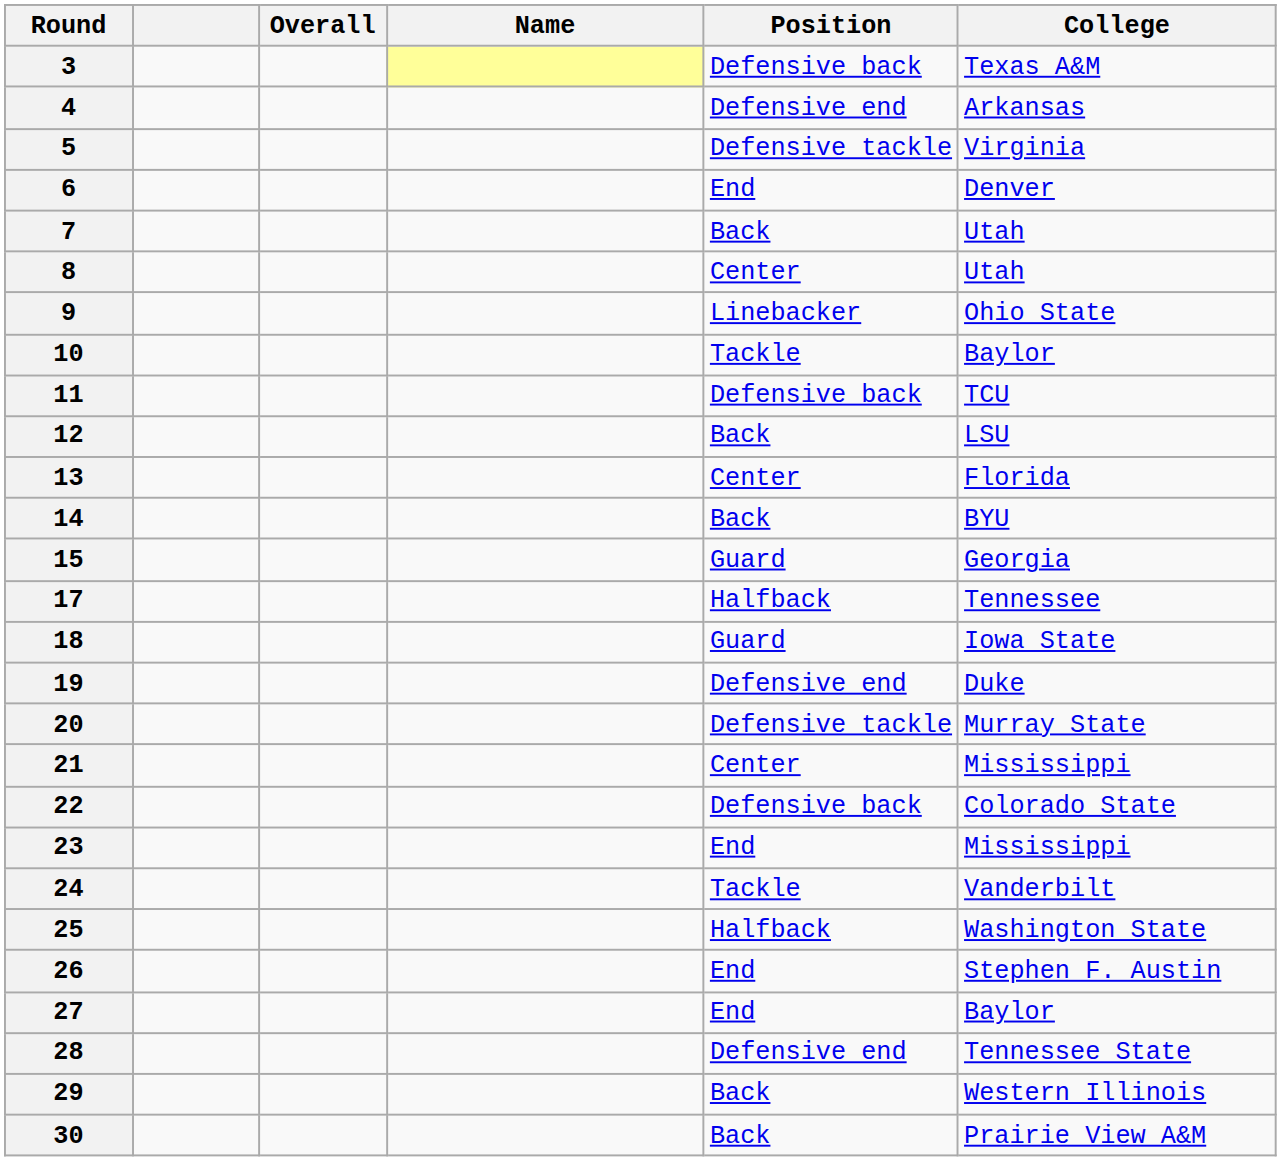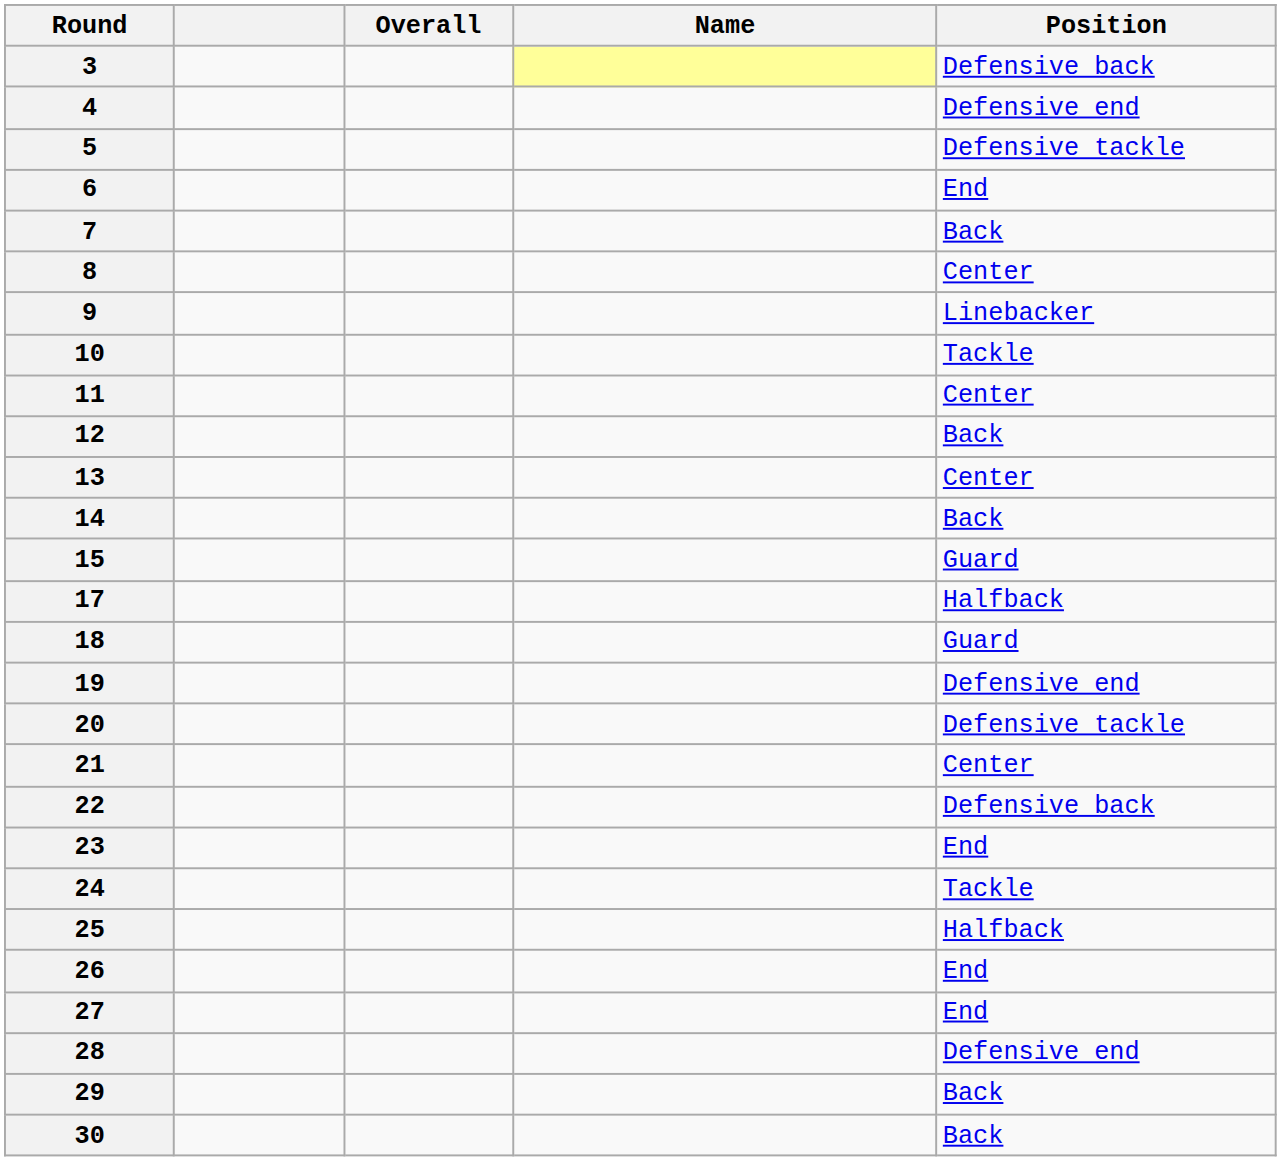 <table class="wikitable sortable">
 <tr>
 <th scope="col" style="width: 10%;">Round</th>
 <th scope="col" style="width: 10%;"></th>
 <th scope="col" style="width: 10%;">Overall</th>
 <th scope="col" style="width: 25%;">Name</th>
 <th scope="col" style="width: 20%;">Position</th>
-<th scope="col" style="width: 25%;">College</th>
 </tr>
 <tr>
 <th scope="row">3</th>
 <td></td>
 <td></td>
 <td style="background-color: #FFFF99;"> </td>
 <td><a href='#'>Defensive back</a></td>
-<td><a href='#'>Texas A&M</a></td>
 </tr>
 <tr>
 <th scope="row">4</th>
 <td></td>
 <td></td>
 <td></td>
 <td><a href='#'>Defensive end</a></td>
-<td><a href='#'>Arkansas</a></td>
 </tr>
 <tr>
 <th scope="row">5</th>
 <td></td>
 <td></td>
 <td></td>
 <td><a href='#'>Defensive tackle</a></td>
-<td><a href='#'>Virginia</a></td>
 </tr>
 <tr>
 <th scope="row">6</th>
 <td></td>
 <td></td>
 <td></td>
 <td><a href='#'>End</a></td>
-<td><a href='#'>Denver</a></td>
 </tr>
 <tr>
 <th scope="row">7</th>
 <td></td>
 <td></td>
 <td></td>
 <td><a href='#'>Back</a></td>
-<td><a href='#'>Utah</a></td>
 </tr>
 <tr>
 <th scope="row">8</th>
 <td></td>
 <td></td>
 <td></td>
 <td><a href='#'>Center</a></td>
-<td><a href='#'>Utah</a></td>
 </tr>
 <tr>
 <th scope="row">9</th>
 <td></td>
 <td></td>
 <td></td>
 <td><a href='#'>Linebacker</a></td>
-<td><a href='#'>Ohio State</a></td>
 </tr>
 <tr>
 <th scope="row">10</th>
 <td></td>
 <td></td>
 <td></td>
 <td><a href='#'>Tackle</a></td>
-<td><a href='#'>Baylor</a></td>
 </tr>
 <tr>
 <th scope="row">11</th>
 <td></td>
 <td></td>
 <td></td>
-<td><a href='#'>Defensive back</a></td>
-<td><a href='#'>TCU</a></td>
+<td><a href='#'>Center</a></td>
 </tr>
 <tr>
 <th scope="row">12</th>
 <td></td>
 <td></td>
 <td></td>
 <td><a href='#'>Back</a></td>
-<td><a href='#'>LSU</a></td>
 </tr>
 <tr>
 <th scope="row">13</th>
 <td></td>
 <td></td>
 <td></td>
 <td><a href='#'>Center</a></td>
-<td><a href='#'>Florida</a></td>
 </tr>
 <tr>
 <th scope="row">14</th>
 <td></td>
 <td></td>
 <td></td>
 <td><a href='#'>Back</a></td>
-<td><a href='#'>BYU</a></td>
 </tr>
 <tr>
 <th scope="row">15</th>
 <td></td>
 <td></td>
 <td></td>
 <td><a href='#'>Guard</a></td>
-<td><a href='#'>Georgia</a></td>
 </tr>
 <tr>
 <th scope="row">17</th>
 <td></td>
 <td></td>
 <td></td>
 <td><a href='#'>Halfback</a></td>
-<td><a href='#'>Tennessee</a></td>
 </tr>
 <tr>
 <th scope="row">18</th>
 <td></td>
 <td></td>
 <td></td>
 <td><a href='#'>Guard</a></td>
-<td><a href='#'>Iowa State</a></td>
 </tr>
 <tr>
 <th scope="row">19</th>
 <td></td>
 <td></td>
 <td></td>
 <td><a href='#'>Defensive end</a></td>
-<td><a href='#'>Duke</a></td>
 </tr>
 <tr>
 <th scope="row">20</th>
 <td></td>
 <td></td>
 <td></td>
 <td><a href='#'>Defensive tackle</a></td>
-<td><a href='#'>Murray State</a></td>
 </tr>
 <tr>
 <th scope="row">21</th>
 <td></td>
 <td></td>
 <td></td>
 <td><a href='#'>Center</a></td>
-<td><a href='#'>Mississippi</a></td>
 </tr>
 <tr>
 <th scope="row">22</th>
 <td></td>
 <td></td>
 <td></td>
 <td><a href='#'>Defensive back</a></td>
-<td><a href='#'>Colorado State</a></td>
 </tr>
 <tr>
 <th scope="row">23</th>
 <td></td>
 <td></td>
 <td></td>
 <td><a href='#'>End</a></td>
-<td><a href='#'>Mississippi</a></td>
 </tr>
 <tr>
 <th scope="row">24</th>
 <td></td>
 <td></td>
 <td></td>
 <td><a href='#'>Tackle</a></td>
-<td><a href='#'>Vanderbilt</a></td>
 </tr>
 <tr>
 <th scope="row">25</th>
 <td></td>
 <td></td>
 <td></td>
 <td><a href='#'>Halfback</a></td>
-<td><a href='#'>Washington State</a></td>
 </tr>
 <tr>
 <th scope="row">26</th>
 <td></td>
 <td></td>
 <td></td>
 <td><a href='#'>End</a></td>
-<td><a href='#'>Stephen F. Austin</a></td>
 </tr>
 <tr>
 <th scope="row">27</th>
 <td></td>
 <td></td>
 <td></td>
 <td><a href='#'>End</a></td>
-<td><a href='#'>Baylor</a></td>
 </tr>
 <tr>
 <th scope="row">28</th>
 <td></td>
 <td></td>
 <td></td>
 <td><a href='#'>Defensive end</a></td>
-<td><a href='#'>Tennessee State</a></td>
 </tr>
 <tr>
 <th scope="row">29</th>
 <td></td>
 <td></td>
 <td></td>
 <td><a href='#'>Back</a></td>
-<td><a href='#'>Western Illinois</a></td>
 </tr>
 <tr>
 <th scope="row">30</th>
 <td></td>
 <td></td>
 <td></td>
 <td><a href='#'>Back</a></td>
-<td><a href='#'>Prairie View A&M</a></td>
 </tr>
 </table>
